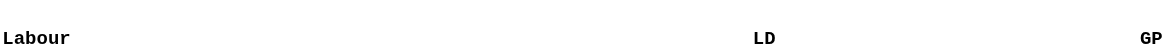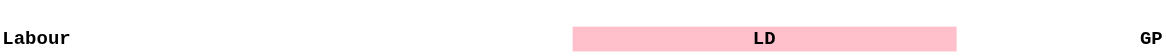 <table style="width:100%; text-align:center;">
 <tr style="color:white;">
 <td style="background:"><strong>94</strong></td>
 <td style="background:"><strong>1</strong></td>
 <td style="background:"><strong>1</strong></td>
 </tr>
 <tr>
 <td><span><strong>Labour</strong></span></td>
-<td><span><strong>LD</strong></span></td>
+<td style="background: pink;"><span><strong>LD</strong></span></td>
 <td><span><strong>GP</strong></span></td>
 </tr>
 </table>
